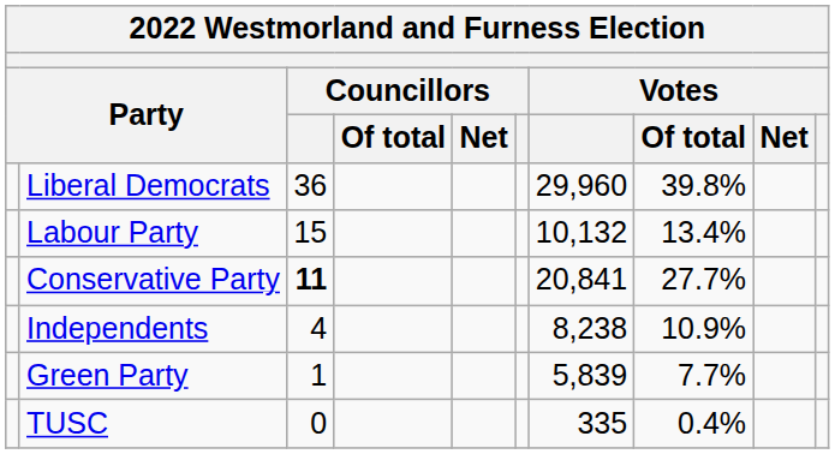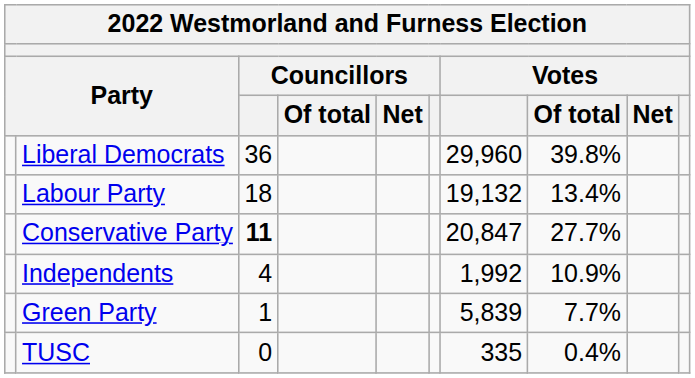 <table class="wikitable sortable" style="text-align:center;">
 <tr>
 <th colspan="10">2022 Westmorland and Furness Election</th>
 </tr>
 <tr>
 <th colspan="10"></th>
 </tr>
 <tr>
 <th colspan="2" rowspan="2">Party</th>
 <th colspan="4">Councillors</th>
 <th colspan="4">Votes</th>
 </tr>
 <tr>
 <th></th>
 <th>Of total</th>
 <th>Net</th>
 <th class="unsortable"></th>
 <th></th>
 <th>Of total</th>
 <th>Net</th>
 <th class="unsortable"></th>
 </tr>
 <tr>
 <td style="background:"></td>
 <td style="text-align:left;"><a href='#'>Liberal Democrats</a></td>
 <td style="text-align:right;">36</td>
 <td style="text-align:right;"></td>
 <td style="text-align:right;"></td>
 <td data-sort-value=""></td>
 <td style="text-align:right;">29,960</td>
 <td style="text-align:right;">39.8%</td>
 <td style="text-align:right;"></td>
 <td></td>
 </tr>
 <tr>
 <td style="background:"></td>
 <td style="text-align:left;"><a href='#'>Labour Party</a></td>
-<td style="text-align:right;">15</td>
+<td style="text-align:right;">18</td>
 <td style="text-align:right;"></td>
 <td style="text-align:right;"></td>
 <td data-sort-value=""></td>
-<td style="text-align:right;">10,132</td>
+<td style="text-align:right;">19,132</td>
 <td style="text-align:right;">13.4%</td>
 <td style="text-align:right;"></td>
 <td></td>
 </tr>
 <tr>
 <td style="background:"></td>
 <td style="text-align:left;"><a href='#'>Conservative Party</a></td>
 <td style="text-align:right;"><strong>11</strong></td>
 <td style="text-align:right;"></td>
 <td style="text-align:right;"></td>
 <td data-sort-value=""></td>
-<td style="text-align:right;">20,841</td>
+<td style="text-align:right;">20,847</td>
 <td style="text-align:right;">27.7%</td>
 <td style="text-align:right;"></td>
 <td></td>
 </tr>
 <tr>
 <td style="background:"></td>
 <td style="text-align:left;"><a href='#'>Independents</a></td>
 <td style="text-align:right;">4</td>
 <td style="text-align:right;"></td>
 <td style="text-align:right;"></td>
 <td data-sort-value=""></td>
-<td style="text-align:right;">8,238</td>
+<td style="text-align:right;">1,992</td>
 <td style="text-align:right;">10.9%</td>
 <td style="text-align:right;"></td>
 <td></td>
 </tr>
 <tr>
 <td style="background:"></td>
 <td style="text-align:left;"><a href='#'>Green Party</a></td>
 <td style="text-align:right;">1</td>
 <td style="text-align:right;"></td>
 <td style="text-align:right;"></td>
 <td data-sort-value=""></td>
 <td style="text-align:right;">5,839</td>
 <td style="text-align:right;">7.7%</td>
 <td style="text-align:right;"></td>
 <td></td>
 </tr>
 <tr>
 <td style="background:"></td>
 <td style="text-align:left;"><a href='#'>TUSC</a></td>
 <td style="text-align:right;">0</td>
 <td style="text-align:right;"></td>
 <td style="text-align:right;"></td>
 <td data-sort-value=""></td>
 <td style="text-align:right;">335</td>
 <td style="text-align:right;">0.4%</td>
 <td style="text-align:right;"></td>
 <td></td>
 </tr>
 </table>
